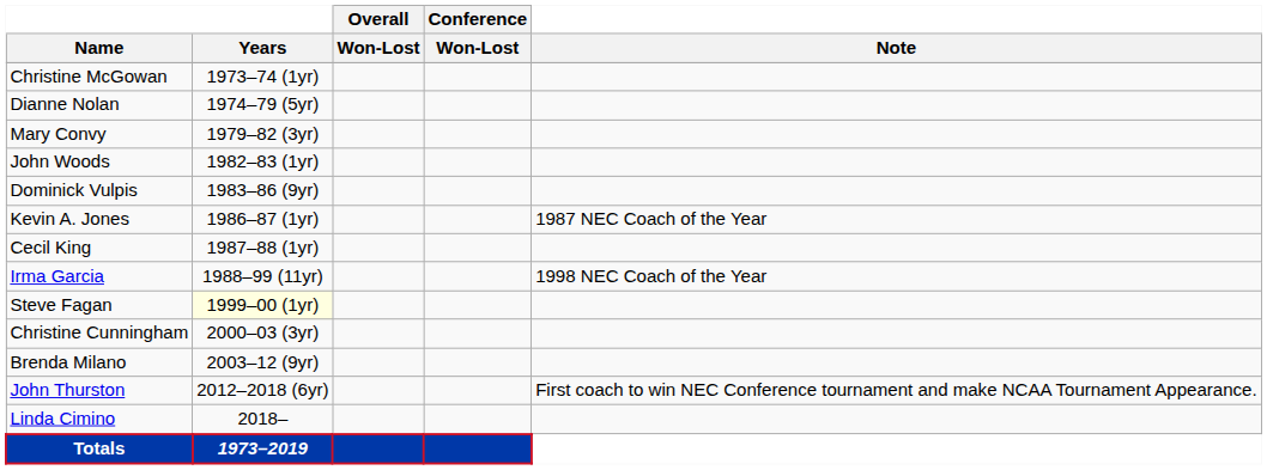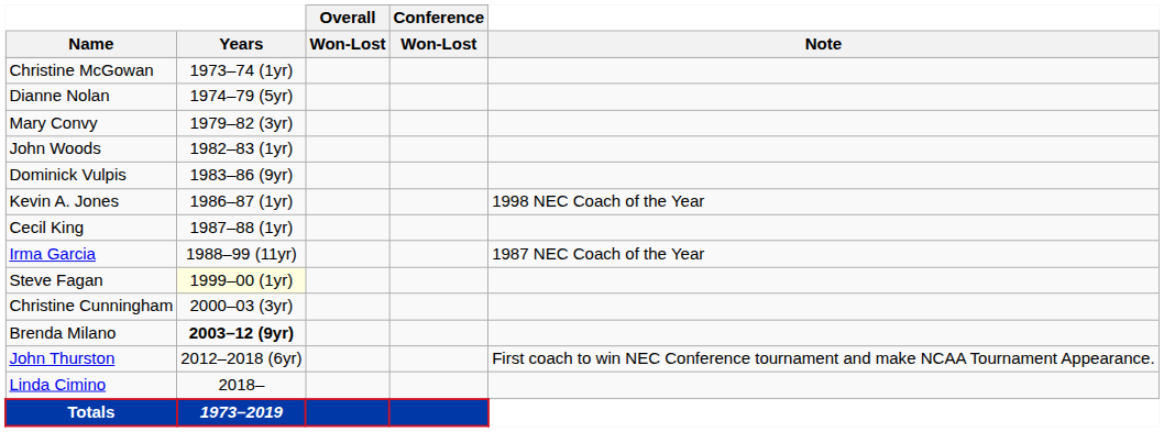 <table class="wikitable">
 <tr>
 <th colspan=1 style="background:white; border-top-style:hidden; border-left-style:hidden;"></th>
 <th colspan=1 style="background:white; border-top-style:hidden; border-left-style:hidden;"></th>
 <th>Overall</th>
 <th>Conference</th>
 <th colspan=1 style="background:white; border-top-style:hidden; border-right-style:hidden;"></th>
 </tr>
 <tr>
 <th>Name</th>
 <th>Years</th>
 <th>Won-Lost</th>
 <th>Won-Lost</th>
 <th>Note</th>
 </tr>
 <tr>
 </tr>
 <tr>
 <td>Christine McGowan</td>
 <td align="center">1973–74 (1yr)</td>
 <td align="center"></td>
 <td></td>
 <td></td>
 </tr>
 <tr>
 <td>Dianne Nolan</td>
 <td align="center">1974–79 (5yr)</td>
 <td align="center"></td>
 <td></td>
 <td></td>
 </tr>
 <tr>
 <td>Mary Convy</td>
 <td align="center">1979–82 (3yr)</td>
 <td align="center"></td>
 <td></td>
 <td></td>
 </tr>
 <tr>
 <td>John Woods</td>
 <td align="center">1982–83 (1yr)</td>
 <td align="center"></td>
 <td></td>
 <td></td>
 </tr>
 <tr>
 <td>Dominick Vulpis</td>
 <td align="center">1983–86 (9yr)</td>
 <td align="center"></td>
 <td></td>
 <td></td>
 </tr>
 <tr>
 <td>Kevin A. Jones</td>
 <td align="center">1986–87 (1yr)</td>
 <td align="center"></td>
 <td align="center"></td>
-<td>1987 NEC Coach of the Year</td>
+<td>1998 NEC Coach of the Year</td>
 </tr>
 <tr>
 <td>Cecil King</td>
 <td align="center">1987–88 (1yr)</td>
 <td align="center"></td>
 <td align="center"></td>
 <td></td>
 </tr>
 <tr>
 <td><a href='#'>Irma Garcia</a></td>
 <td align="center">1988–99 (11yr)</td>
 <td align="center"></td>
 <td align="center"></td>
-<td>1998 NEC Coach of the Year</td>
+<td>1987 NEC Coach of the Year</td>
 </tr>
 <tr>
 <td>Steve Fagan</td>
 <td align="center" style="background: lightyellow;">1999–00 (1yr)</td>
 <td align="center"></td>
 <td align="center"></td>
 <td></td>
 </tr>
 <tr>
 <td>Christine Cunningham</td>
 <td align="center">2000–03 (3yr)</td>
 <td align="center"></td>
 <td align="center"></td>
 <td></td>
 </tr>
 <tr>
 <td>Brenda Milano</td>
-<td align="center">2003–12 (9yr)</td>
+<td align="center"><strong>2003–12 (9yr)</strong></td>
 <td align="center"></td>
 <td align="center"></td>
 <td></td>
 </tr>
 <tr>
 <td><a href='#'>John Thurston</a></td>
 <td align="center">2012–2018 (6yr)</td>
 <td align="center"></td>
 <td align="center"></td>
 <td>First coach to win NEC Conference tournament and make NCAA Tournament Appearance.</td>
 </tr>
 <tr>
 <td><a href='#'>Linda Cimino</a></td>
 <td align="center">2018–</td>
 <td align="center"></td>
 <td align="center"></td>
 <td></td>
 </tr>
 <tr>
 <th style="background:#0038A8; border: 2px solid #CE1126;;color:#FFFFFF;"><strong>Totals</strong></th>
 <th style="background:#0038A8; border: 2px solid #CE1126;;color:#FFFFFF;"><em>1973–2019</em></th>
 <th style="background:#0038A8; border: 2px solid #CE1126;;color:#FFFFFF;"><em></em></th>
 <th style="background:#0038A8; border: 2px solid #CE1126;;color:#FFFFFF;"><em></em></th>
 <td colspan=1 style="background:white; border-bottom-style:hidden; border-right-style:hidden;"></td>
 </tr>
 </table>
